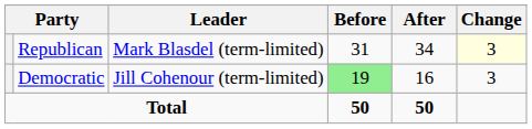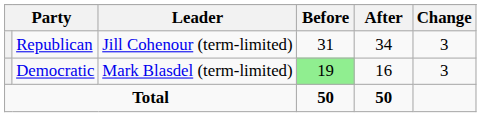 <table class="wikitable" style="text-align:center;">
 <tr>
 </tr>
 <tr>
 <th colspan=2>Party</th>
 <th>Leader</th>
 <th style="width:3em">Before</th>
 <th style="width:3em">After</th>
 <th style="width:3em">Change</th>
 </tr>
 <tr>
 <th style="background-color:"></th>
 <td style="text-align:left;"><a href='#'>Republican</a></td>
-<td style="text-align:left;"><a href='#'>Mark Blasdel</a> (term-limited)</td>
+<td style="text-align:left;"><a href='#'>Jill Cohenour</a> (term-limited)</td>
 <td>31</td>
 <td>34</td>
-<td style="background: lightyellow;"> 3</td>
+<td> 3</td>
 </tr>
 <tr>
 <th style="background-color:"></th>
 <td style="text-align:left;"><a href='#'>Democratic</a></td>
-<td style="text-align:left;"><a href='#'>Jill Cohenour</a> (term-limited)</td>
+<td style="text-align:left;"><a href='#'>Mark Blasdel</a> (term-limited)</td>
 <td style="background: lightgreen;">19</td>
 <td>16</td>
 <td> 3</td>
 </tr>
 <tr>
 <td colspan=3><strong>Total</strong></td>
 <td><strong>50</strong></td>
 <td><strong>50</strong></td>
 <td></td>
 </tr>
 </table>
